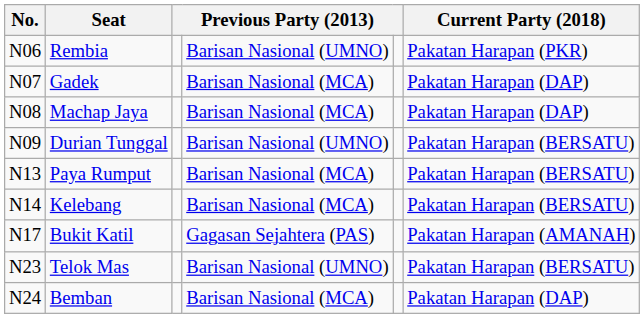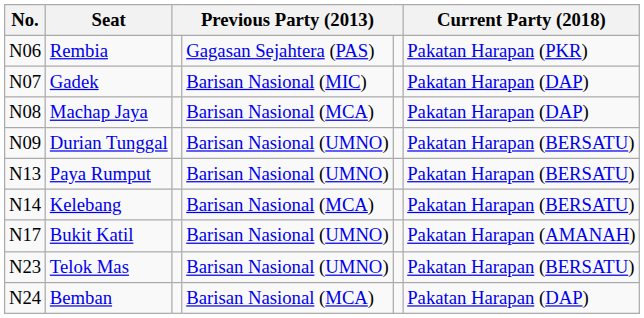 <table class="wikitable sortable" style="font-size:95%;">
 <tr>
 <th scope="col">No.</th>
 <th scope="col">Seat</th>
 <th colspan="3" scope="col">Previous Party (2013)</th>
 <th colspan="3" scope="col">Current Party (2018)</th>
 </tr>
 <tr>
 <td>N06</td>
 <td> <a href='#'>Rembia</a></td>
 <td width="1"></td>
-<td><a href='#'>Barisan Nasional</a> (<a href='#'>UMNO</a>)</td>
+<td><a href='#'>Gagasan Sejahtera</a> (<a href='#'>PAS</a>)</td>
 <td width="1"></td>
 <td><a href='#'>Pakatan Harapan</a> (<a href='#'>PKR</a>)</td>
 </tr>
 <tr>
 <td>N07</td>
 <td> <a href='#'>Gadek</a></td>
 <td width="1"></td>
-<td><a href='#'>Barisan Nasional</a> (<a href='#'>MCA</a>)</td>
+<td><a href='#'>Barisan Nasional</a> (<a href='#'>MIC</a>)</td>
 <td width="1"></td>
 <td><a href='#'>Pakatan Harapan</a> (<a href='#'>DAP</a>)</td>
 </tr>
 <tr>
 <td>N08</td>
 <td> <a href='#'>Machap Jaya</a></td>
 <td width="1"></td>
 <td><a href='#'>Barisan Nasional</a> (<a href='#'>MCA</a>)</td>
 <td width="1"></td>
 <td><a href='#'>Pakatan Harapan</a> (<a href='#'>DAP</a>)</td>
 </tr>
 <tr>
 <td>N09</td>
 <td> <a href='#'>Durian Tunggal</a></td>
 <td width="1"></td>
 <td><a href='#'>Barisan Nasional</a> (<a href='#'>UMNO</a>)</td>
 <td width="1"></td>
 <td><a href='#'>Pakatan Harapan</a> (<a href='#'>BERSATU</a>)</td>
 </tr>
 <tr>
 <td>N13</td>
 <td> <a href='#'>Paya Rumput</a></td>
 <td width="1"></td>
-<td><a href='#'>Barisan Nasional</a> (<a href='#'>MCA</a>)</td>
+<td><a href='#'>Barisan Nasional</a> (<a href='#'>UMNO</a>)</td>
 <td width="1"></td>
 <td><a href='#'>Pakatan Harapan</a> (<a href='#'>BERSATU</a>)</td>
 </tr>
 <tr>
 <td>N14</td>
 <td> <a href='#'>Kelebang</a></td>
 <td width="1"></td>
 <td><a href='#'>Barisan Nasional</a> (<a href='#'>MCA</a>)</td>
 <td width="1"></td>
 <td><a href='#'>Pakatan Harapan</a> (<a href='#'>BERSATU</a>)</td>
 </tr>
 <tr>
 <td>N17</td>
 <td> <a href='#'>Bukit Katil</a></td>
 <td width="1"></td>
-<td><a href='#'>Gagasan Sejahtera</a> (<a href='#'>PAS</a>)</td>
+<td><a href='#'>Barisan Nasional</a> (<a href='#'>UMNO</a>)</td>
 <td width="1"></td>
 <td><a href='#'>Pakatan Harapan</a> (<a href='#'>AMANAH</a>)</td>
 </tr>
 <tr>
 <td>N23</td>
 <td> <a href='#'>Telok Mas</a></td>
 <td width="1"></td>
 <td><a href='#'>Barisan Nasional</a> (<a href='#'>UMNO</a>)</td>
 <td width="1"></td>
 <td><a href='#'>Pakatan Harapan</a> (<a href='#'>BERSATU</a>)</td>
 </tr>
 <tr>
 <td>N24</td>
 <td> <a href='#'>Bemban</a></td>
 <td width="1"></td>
 <td><a href='#'>Barisan Nasional</a> (<a href='#'>MCA</a>)</td>
 <td width="1"></td>
 <td><a href='#'>Pakatan Harapan</a> (<a href='#'>DAP</a>)</td>
 </tr>
 </table>
